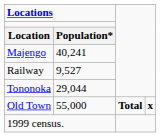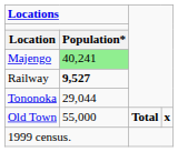 <table class="wikitable">
 <tr>
 <td colspan="2"><strong><a href='#'>Locations</a></strong></td>
 </tr>
 <tr>
 <td colspan="2"></td>
 </tr>
 <tr>
 <th>Location</th>
 <th>Population*</th>
 </tr>
 <tr>
 <td><a href='#'>Majengo</a></td>
-<td>40,241</td>
+<td style="background: lightgreen;">40,241</td>
 </tr>
 <tr>
 <td>Railway</td>
-<td>9,527</td>
+<td><strong>9,527</strong></td>
 </tr>
 <tr>
 <td><a href='#'>Tononoka</a></td>
 <td>29,044</td>
 </tr>
 <tr>
 <td><a href='#'>Old Town</a></td>
 <td>55,000</td>
 <td><strong>Total</strong></td>
 <td><strong>x</strong></td>
 </tr>
 <tr>
 <td colspan="2">1999 census.</td>
 </tr>
 </table>
